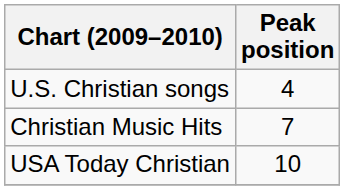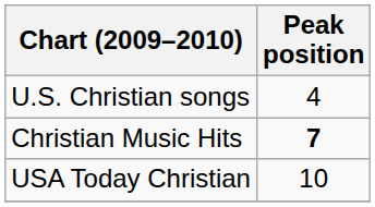 <table class="wikitable sortable">
 <tr>
 <th>Chart (2009–2010)</th>
 <th>Peak<br>position</th>
 </tr>
 <tr>
 <td>U.S. Christian songs</td>
 <td align="center">4</td>
 </tr>
 <tr>
 <td>Christian Music Hits</td>
-<td align="center">7</td>
+<td align="center"><strong>7</strong></td>
 </tr>
 <tr>
 <td>USA Today Christian</td>
 <td align="center">10</td>
 </tr>
 <tr>
 </tr>
 </table>
